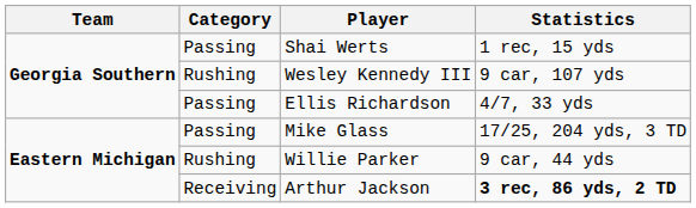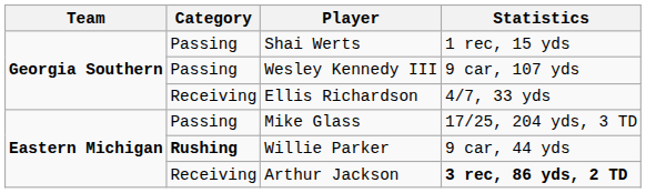 <table class="wikitable">
 <tr>
 <th>Team</th>
 <th>Category</th>
 <th>Player</th>
 <th>Statistics</th>
 </tr>
 <tr>
 <td rowspan=3><strong>Georgia Southern</strong></td>
 <td>Passing</td>
 <td>Shai Werts</td>
 <td>1 rec, 15 yds</td>
 </tr>
 <tr>
-<td>Rushing</td>
+<td>Passing</td>
 <td>Wesley Kennedy III</td>
 <td>9 car, 107 yds</td>
 </tr>
 <tr>
-<td>Passing</td>
+<td>Receiving</td>
 <td>Ellis Richardson</td>
 <td>4/7, 33 yds</td>
 </tr>
 <tr>
 <td rowspan=3><strong>Eastern Michigan</strong></td>
 <td>Passing</td>
 <td>Mike Glass</td>
 <td>17/25, 204 yds, 3 TD</td>
 </tr>
 <tr>
-<td>Rushing</td>
+<td><strong>Rushing</strong></td>
 <td>Willie Parker</td>
 <td>9 car, 44 yds</td>
 </tr>
 <tr>
 <td>Receiving</td>
 <td>Arthur Jackson</td>
 <td><strong>3 rec, 86 yds, 2 TD</strong></td>
 </tr>
 </table>
